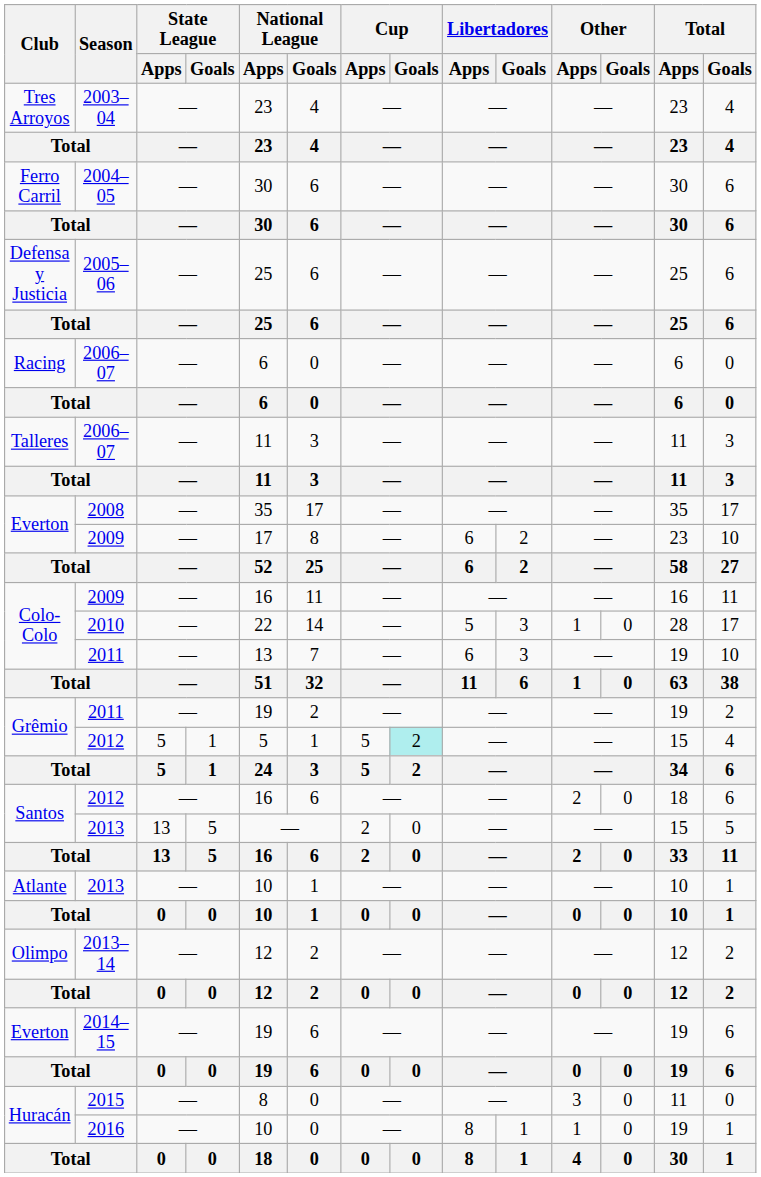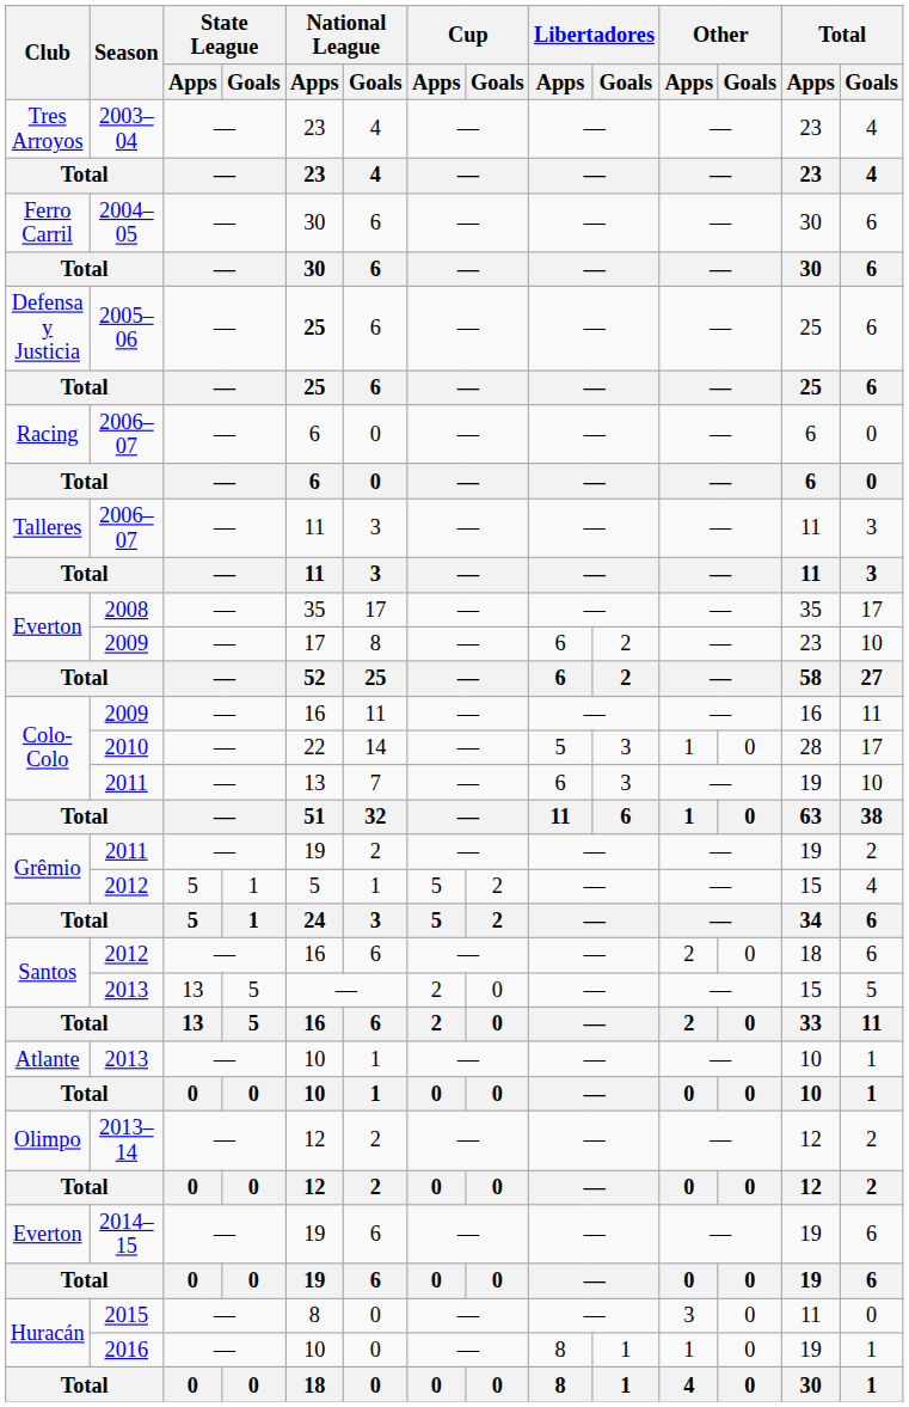 <table class="wikitable" style="text-align: center;">
 <tr>
 <th rowspan="2">Club</th>
 <th rowspan="2">Season</th>
 <th colspan="2">State<br>League</th>
 <th colspan="2">National<br>League</th>
 <th colspan="2">Cup</th>
 <th colspan="2"><a href='#'>Libertadores</a></th>
 <th colspan="2">Other</th>
 <th colspan="2">Total</th>
 </tr>
 <tr>
 <th>Apps</th>
 <th>Goals</th>
 <th>Apps</th>
 <th>Goals</th>
 <th>Apps</th>
 <th>Goals</th>
 <th>Apps</th>
 <th>Goals</th>
 <th>Apps</th>
 <th>Goals</th>
 <th>Apps</th>
 <th>Goals</th>
 </tr>
 <tr>
 <td rowspan="1" valign="center"><a href='#'>Tres Arroyos</a></td>
 <td><a href='#'>2003–04</a></td>
 <td colspan="2">—</td>
 <td>23</td>
 <td>4</td>
 <td colspan="2">—</td>
 <td colspan="2">—</td>
 <td colspan="2">—</td>
 <td>23</td>
 <td>4</td>
 </tr>
 <tr>
 <th colspan="2"><strong>Total</strong></th>
 <th colspan="2">—</th>
 <th>23</th>
 <th>4</th>
 <th colspan="2">—</th>
 <th colspan="2">—</th>
 <th colspan="2">—</th>
 <th>23</th>
 <th>4</th>
 </tr>
 <tr>
 <td rowspan="1" valign="center"><a href='#'>Ferro Carril</a></td>
 <td><a href='#'>2004–05</a></td>
 <td colspan="2">—</td>
 <td>30</td>
 <td>6</td>
 <td colspan="2">—</td>
 <td colspan="2">—</td>
 <td colspan="2">—</td>
 <td>30</td>
 <td>6</td>
 </tr>
 <tr>
 <th colspan="2"><strong>Total</strong></th>
 <th colspan="2">—</th>
 <th>30</th>
 <th>6</th>
 <th colspan="2">—</th>
 <th colspan="2">—</th>
 <th colspan="2">—</th>
 <th>30</th>
 <th>6</th>
 </tr>
 <tr>
 <td rowspan="1" valign="center"><a href='#'>Defensa y Justicia</a></td>
 <td><a href='#'>2005–06</a></td>
 <td colspan="2">—</td>
-<td>25</td>
+<td><strong>25</strong></td>
 <td>6</td>
 <td colspan="2">—</td>
 <td colspan="2">—</td>
 <td colspan="2">—</td>
 <td>25</td>
 <td>6</td>
 </tr>
 <tr>
 <th colspan="2"><strong>Total</strong></th>
 <th colspan="2">—</th>
 <th>25</th>
 <th>6</th>
 <th colspan="2">—</th>
 <th colspan="2">—</th>
 <th colspan="2">—</th>
 <th>25</th>
 <th>6</th>
 </tr>
 <tr>
 <td rowspan="1" valign="center"><a href='#'>Racing</a></td>
 <td><a href='#'>2006–07</a></td>
 <td colspan="2">—</td>
 <td>6</td>
 <td>0</td>
 <td colspan="2">—</td>
 <td colspan="2">—</td>
 <td colspan="2">—</td>
 <td>6</td>
 <td>0</td>
 </tr>
 <tr>
 <th colspan="2"><strong>Total</strong></th>
 <th colspan="2">—</th>
 <th>6</th>
 <th>0</th>
 <th colspan="2">—</th>
 <th colspan="2">—</th>
 <th colspan="2">—</th>
 <th>6</th>
 <th>0</th>
 </tr>
 <tr>
 <td rowspan="1" valign="center"><a href='#'>Talleres</a></td>
 <td><a href='#'>2006–07</a></td>
 <td colspan="2">—</td>
 <td>11</td>
 <td>3</td>
 <td colspan="2">—</td>
 <td colspan="2">—</td>
 <td colspan="2">—</td>
 <td>11</td>
 <td>3</td>
 </tr>
 <tr>
 <th colspan="2"><strong>Total</strong></th>
 <th colspan="2">—</th>
 <th>11</th>
 <th>3</th>
 <th colspan="2">—</th>
 <th colspan="2">—</th>
 <th colspan="2">—</th>
 <th>11</th>
 <th>3</th>
 </tr>
 <tr>
 <td rowspan="2" valign="center"><a href='#'>Everton</a></td>
 <td><a href='#'>2008</a></td>
 <td colspan="2">—</td>
 <td>35</td>
 <td>17</td>
 <td colspan="2">—</td>
 <td colspan="2">—</td>
 <td colspan="2">—</td>
 <td>35</td>
 <td>17</td>
 </tr>
 <tr>
 <td><a href='#'>2009</a></td>
 <td colspan="2">—</td>
 <td>17</td>
 <td>8</td>
 <td colspan="2">—</td>
 <td>6</td>
 <td>2</td>
 <td colspan="2">—</td>
 <td>23</td>
 <td>10</td>
 </tr>
 <tr>
 <th colspan="2"><strong>Total</strong></th>
 <th colspan="2">—</th>
 <th>52</th>
 <th>25</th>
 <th colspan="2">—</th>
 <th>6</th>
 <th>2</th>
 <th colspan="2">—</th>
 <th>58</th>
 <th>27</th>
 </tr>
 <tr>
 <td rowspan="3" valign="center"><a href='#'>Colo-Colo</a></td>
 <td><a href='#'>2009</a></td>
 <td colspan="2">—</td>
 <td>16</td>
 <td>11</td>
 <td colspan="2">—</td>
 <td colspan="2">—</td>
 <td colspan="2">—</td>
 <td>16</td>
 <td>11</td>
 </tr>
 <tr>
 <td><a href='#'>2010</a></td>
 <td colspan="2">—</td>
 <td>22</td>
 <td>14</td>
 <td colspan="2">—</td>
 <td>5</td>
 <td>3</td>
 <td>1</td>
 <td>0</td>
 <td>28</td>
 <td>17</td>
 </tr>
 <tr>
 <td><a href='#'>2011</a></td>
 <td colspan="2">—</td>
 <td>13</td>
 <td>7</td>
 <td colspan="2">—</td>
 <td>6</td>
 <td>3</td>
 <td colspan="2">—</td>
 <td>19</td>
 <td>10</td>
 </tr>
 <tr>
 <th colspan="2"><strong>Total</strong></th>
 <th colspan="2">—</th>
 <th>51</th>
 <th>32</th>
 <th colspan="2">—</th>
 <th>11</th>
 <th>6</th>
 <th>1</th>
 <th>0</th>
 <th>63</th>
 <th>38</th>
 </tr>
 <tr>
 <td rowspan="2" valign="center"><a href='#'>Grêmio</a></td>
 <td><a href='#'>2011</a></td>
 <td colspan="2">—</td>
 <td>19</td>
 <td>2</td>
 <td colspan="2">—</td>
 <td colspan="2">—</td>
 <td colspan="2">—</td>
 <td>19</td>
 <td>2</td>
 </tr>
 <tr>
 <td><a href='#'>2012</a></td>
 <td>5</td>
 <td>1</td>
 <td>5</td>
 <td>1</td>
 <td>5</td>
-<td style="background: paleturquoise;">2</td>
+<td>2</td>
 <td colspan="2">—</td>
 <td colspan="2">—</td>
 <td>15</td>
 <td>4</td>
 </tr>
 <tr>
 <th colspan="2"><strong>Total</strong></th>
 <th>5</th>
 <th>1</th>
 <th>24</th>
 <th>3</th>
 <th>5</th>
 <th>2</th>
 <th colspan="2">—</th>
 <th colspan="2">—</th>
 <th>34</th>
 <th>6</th>
 </tr>
 <tr>
 <td rowspan="2" valign="center"><a href='#'>Santos</a></td>
 <td><a href='#'>2012</a></td>
 <td colspan="2">—</td>
 <td>16</td>
 <td>6</td>
 <td colspan="2">—</td>
 <td colspan="2">—</td>
 <td>2</td>
 <td>0</td>
 <td>18</td>
 <td>6</td>
 </tr>
 <tr>
 <td><a href='#'>2013</a></td>
 <td>13</td>
 <td>5</td>
 <td colspan="2">—</td>
 <td>2</td>
 <td>0</td>
 <td colspan="2">—</td>
 <td colspan="2">—</td>
 <td>15</td>
 <td>5</td>
 </tr>
 <tr>
 <th colspan="2"><strong>Total</strong></th>
 <th>13</th>
 <th>5</th>
 <th>16</th>
 <th>6</th>
 <th>2</th>
 <th>0</th>
 <th colspan="2">—</th>
 <th>2</th>
 <th>0</th>
 <th>33</th>
 <th>11</th>
 </tr>
 <tr>
 <td rowspan="1" valign="center"><a href='#'>Atlante</a></td>
 <td><a href='#'>2013</a></td>
 <td colspan="2">—</td>
 <td>10</td>
 <td>1</td>
 <td colspan="2">—</td>
 <td colspan="2">—</td>
 <td colspan="2">—</td>
 <td>10</td>
 <td>1</td>
 </tr>
 <tr>
 <th colspan="2"><strong>Total</strong></th>
 <th>0</th>
 <th>0</th>
 <th>10</th>
 <th>1</th>
 <th>0</th>
 <th>0</th>
 <th colspan="2">—</th>
 <th>0</th>
 <th>0</th>
 <th>10</th>
 <th>1</th>
 </tr>
 <tr>
 <td rowspan="1" valign="center"><a href='#'>Olimpo</a></td>
 <td><a href='#'>2013–14</a></td>
 <td colspan="2">—</td>
 <td>12</td>
 <td>2</td>
 <td colspan="2">—</td>
 <td colspan="2">—</td>
 <td colspan="2">—</td>
 <td>12</td>
 <td>2</td>
 </tr>
 <tr>
 <th colspan="2"><strong>Total</strong></th>
 <th>0</th>
 <th>0</th>
 <th>12</th>
 <th>2</th>
 <th>0</th>
 <th>0</th>
 <th colspan="2">—</th>
 <th>0</th>
 <th>0</th>
 <th>12</th>
 <th>2</th>
 </tr>
 <tr>
 <td rowspan="1" valign="center"><a href='#'>Everton</a></td>
 <td><a href='#'>2014–15</a></td>
 <td colspan="2">—</td>
 <td>19</td>
 <td>6</td>
 <td colspan="2">—</td>
 <td colspan="2">—</td>
 <td colspan="2">—</td>
 <td>19</td>
 <td>6</td>
 </tr>
 <tr>
 <th colspan="2"><strong>Total</strong></th>
 <th>0</th>
 <th>0</th>
 <th>19</th>
 <th>6</th>
 <th>0</th>
 <th>0</th>
 <th colspan="2">—</th>
 <th>0</th>
 <th>0</th>
 <th>19</th>
 <th>6</th>
 </tr>
 <tr>
 <td rowspan="2" valign="center"><a href='#'>Huracán</a></td>
 <td><a href='#'>2015</a></td>
 <td colspan="2">—</td>
 <td>8</td>
 <td>0</td>
 <td colspan="2">—</td>
 <td colspan="2">—</td>
 <td>3</td>
 <td>0</td>
 <td>11</td>
 <td>0</td>
 </tr>
 <tr>
 <td><a href='#'>2016</a></td>
 <td colspan="2">—</td>
 <td>10</td>
 <td>0</td>
 <td colspan="2">—</td>
 <td>8</td>
 <td>1</td>
 <td>1</td>
 <td>0</td>
 <td>19</td>
 <td>1</td>
 </tr>
 <tr>
 <th colspan="2"><strong>Total</strong></th>
 <th>0</th>
 <th>0</th>
 <th>18</th>
 <th>0</th>
 <th>0</th>
 <th>0</th>
 <th>8</th>
 <th>1</th>
 <th>4</th>
 <th>0</th>
 <th>30</th>
 <th>1</th>
 </tr>
 </table>
